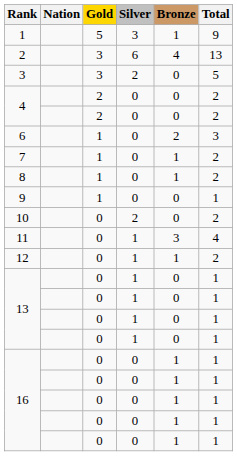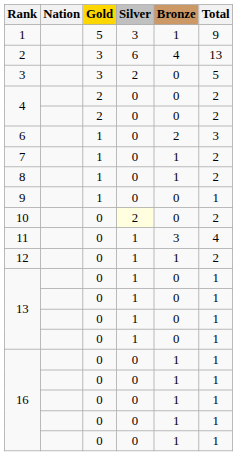 <table class="wikitable sortable" style="text-align:center">
 <tr>
 <th>Rank</th>
 <th>Nation</th>
 <th style="background-color:gold">Gold</th>
 <th style="background-color:silver">Silver</th>
 <th style="background-color:#cc9966">Bronze</th>
 <th>Total</th>
 </tr>
 <tr>
 <td>1</td>
 <td align=left></td>
 <td>5</td>
 <td>3</td>
 <td>1</td>
 <td>9</td>
 </tr>
 <tr>
 <td>2</td>
 <td align=left></td>
 <td>3</td>
 <td>6</td>
 <td>4</td>
 <td>13</td>
 </tr>
 <tr>
 <td>3</td>
 <td align=left></td>
 <td>3</td>
 <td>2</td>
 <td>0</td>
 <td>5</td>
 </tr>
 <tr>
 <td rowspan="2">4</td>
 <td align=left></td>
 <td>2</td>
 <td>0</td>
 <td>0</td>
 <td>2</td>
 </tr>
 <tr>
 <td align="left"></td>
 <td>2</td>
 <td>0</td>
 <td>0</td>
 <td>2</td>
 </tr>
 <tr>
 <td>6</td>
 <td align="left"></td>
 <td>1</td>
 <td>0</td>
 <td>2</td>
 <td>3</td>
 </tr>
 <tr>
 <td>7</td>
 <td align="left"></td>
 <td>1</td>
 <td>0</td>
 <td>1</td>
 <td>2</td>
 </tr>
 <tr>
 <td>8</td>
 <td align="left"></td>
 <td>1</td>
 <td>0</td>
 <td>1</td>
 <td>2</td>
 </tr>
 <tr>
 <td>9</td>
 <td align="left"></td>
 <td>1</td>
 <td>0</td>
 <td>0</td>
 <td>1</td>
 </tr>
 <tr>
 <td>10</td>
 <td align="left"></td>
 <td>0</td>
-<td>2</td>
+<td style="background: lightyellow;">2</td>
 <td>0</td>
 <td>2</td>
 </tr>
 <tr>
 <td>11</td>
 <td align="left"></td>
 <td>0</td>
 <td>1</td>
 <td>3</td>
 <td>4</td>
 </tr>
 <tr>
 <td>12</td>
 <td align="left"></td>
 <td>0</td>
 <td>1</td>
 <td>1</td>
 <td>2</td>
 </tr>
 <tr>
 <td rowspan="4">13</td>
 <td align="left"></td>
 <td>0</td>
 <td>1</td>
 <td>0</td>
 <td>1</td>
 </tr>
 <tr>
 <td align="left"></td>
 <td>0</td>
 <td>1</td>
 <td>0</td>
 <td>1</td>
 </tr>
 <tr>
 <td align="left"></td>
 <td>0</td>
 <td>1</td>
 <td>0</td>
 <td>1</td>
 </tr>
 <tr>
 <td align="left"></td>
 <td>0</td>
 <td>1</td>
 <td>0</td>
 <td>1</td>
 </tr>
 <tr>
 <td rowspan="5">16</td>
 <td align="left"></td>
 <td>0</td>
 <td>0</td>
 <td>1</td>
 <td>1</td>
 </tr>
 <tr>
 <td align="left"></td>
 <td>0</td>
 <td>0</td>
 <td>1</td>
 <td>1</td>
 </tr>
 <tr>
 <td align="left"></td>
 <td>0</td>
 <td>0</td>
 <td>1</td>
 <td>1</td>
 </tr>
 <tr>
 <td align="left"></td>
 <td>0</td>
 <td>0</td>
 <td>1</td>
 <td>1</td>
 </tr>
 <tr>
 <td align="left"></td>
 <td>0</td>
 <td>0</td>
 <td>1</td>
 <td>1</td>
 </tr>
 </table>
